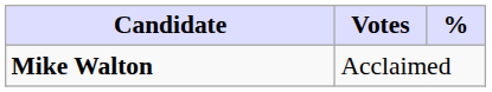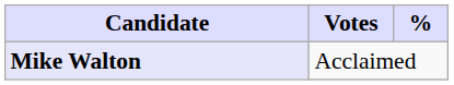 <table class="wikitable">
 <tr>
 <th style="background:#ddf; width:200px;">Candidate</th>
 <th style="background:#ddf; width:50px;">Votes</th>
 <th style="background:#ddf; width:30px;">%</th>
 </tr>
 <tr>
-<td><strong>Mike Walton</strong></td>
+<td style="background: lavender;"><strong>Mike Walton</strong></td>
 <td colspan="2">Acclaimed</td>
 </tr>
 </table>
